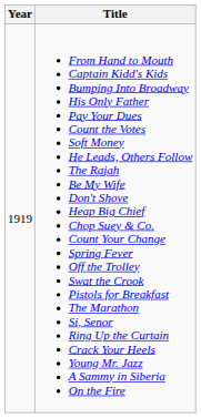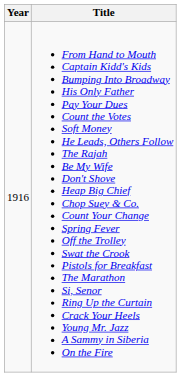 <table class="wikitable sortable">
 <tr>
 <th>Year</th>
 <th>Title</th>
 </tr>
 <tr>
-<td>1919</td>
+<td>1916</td>
 <td><br><ul><li><em><a href='#'>From Hand to Mouth</a></em></li><li><em><a href='#'>Captain Kidd's Kids</a></em></li><li><em><a href='#'>Bumping Into Broadway</a></em></li><li><em><a href='#'>His Only Father</a></em></li><li><em><a href='#'>Pay Your Dues</a></em></li><li><em><a href='#'>Count the Votes</a></em></li><li><em><a href='#'>Soft Money</a></em></li><li><em><a href='#'>He Leads, Others Follow</a></em></li><li><em><a href='#'>The Rajah</a></em></li><li><em><a href='#'>Be My Wife</a></em></li><li><em><a href='#'>Don't Shove</a></em></li><li><em><a href='#'>Heap Big Chief</a></em></li><li><em><a href='#'>Chop Suey & Co.</a></em></li><li><em><a href='#'>Count Your Change</a></em></li><li><em><a href='#'>Spring Fever</a></em></li><li><em><a href='#'>Off the Trolley</a></em></li><li><em><a href='#'>Swat the Crook</a></em></li><li><em><a href='#'>Pistols for Breakfast</a></em></li><li><em><a href='#'>The Marathon</a></em></li><li><em><a href='#'>Si, Senor</a></em></li><li><em><a href='#'>Ring Up the Curtain</a></em></li><li><em><a href='#'>Crack Your Heels</a></em></li><li><em><a href='#'>Young Mr. Jazz</a></em></li><li><em><a href='#'>A Sammy in Siberia</a></em></li><li><em><a href='#'>On the Fire</a></em></li></ul></td>
 </tr>
 </table>
